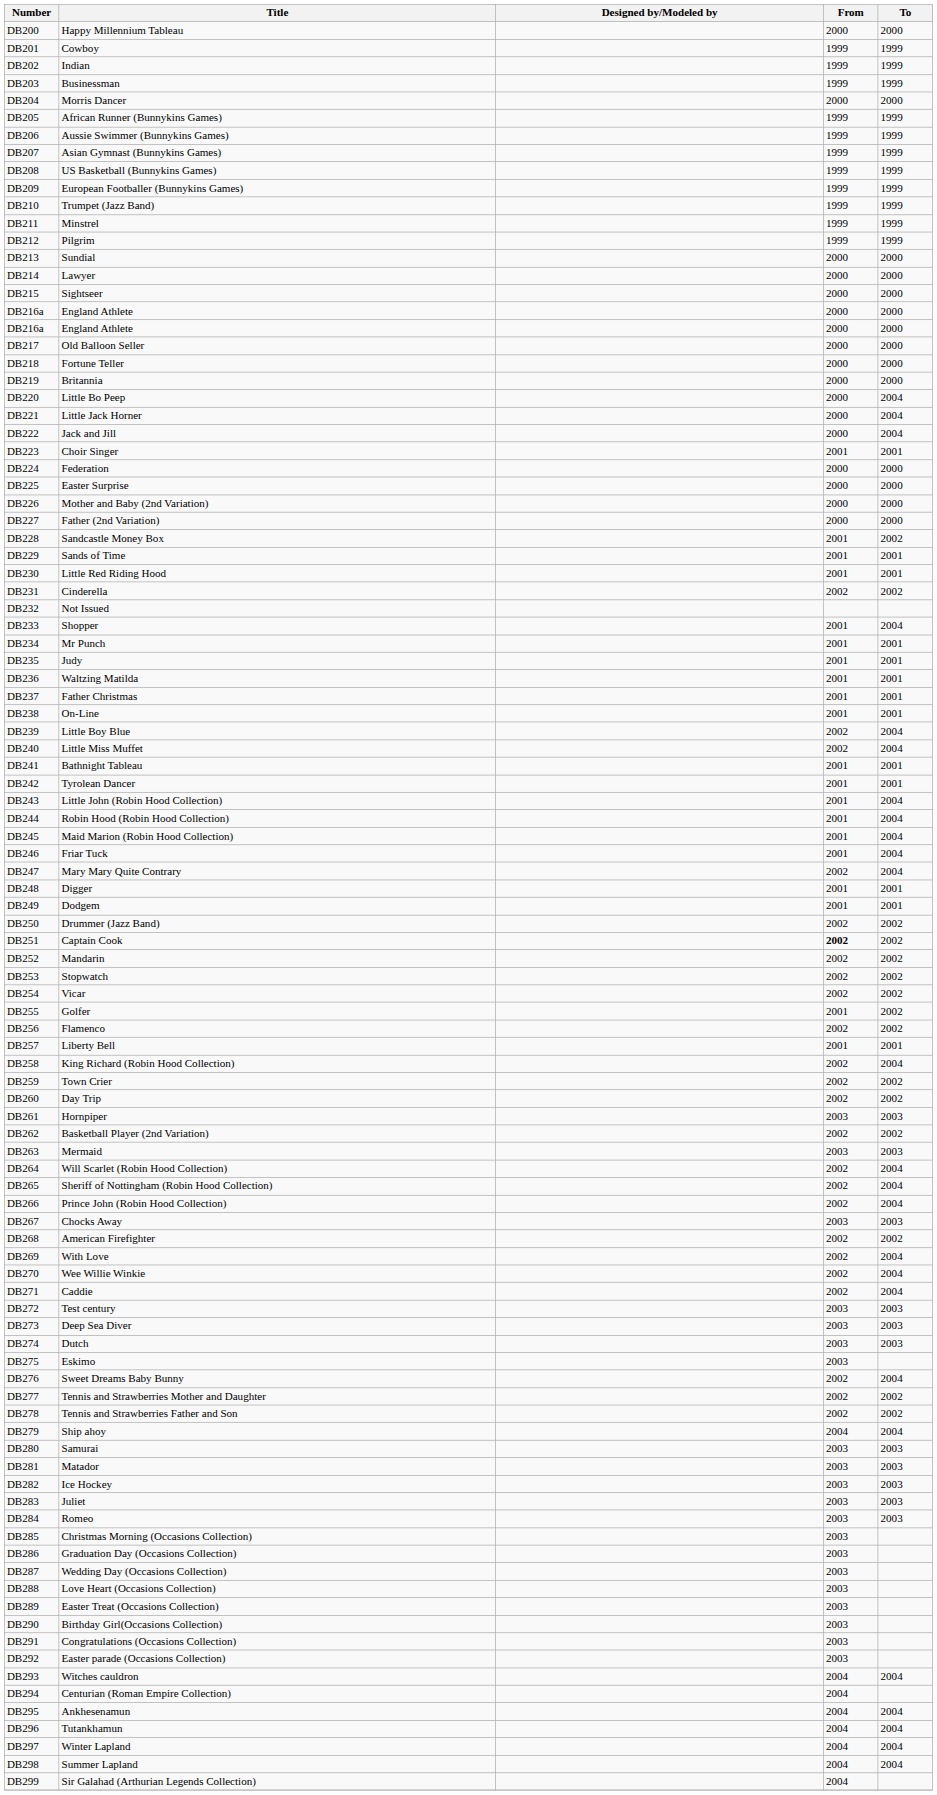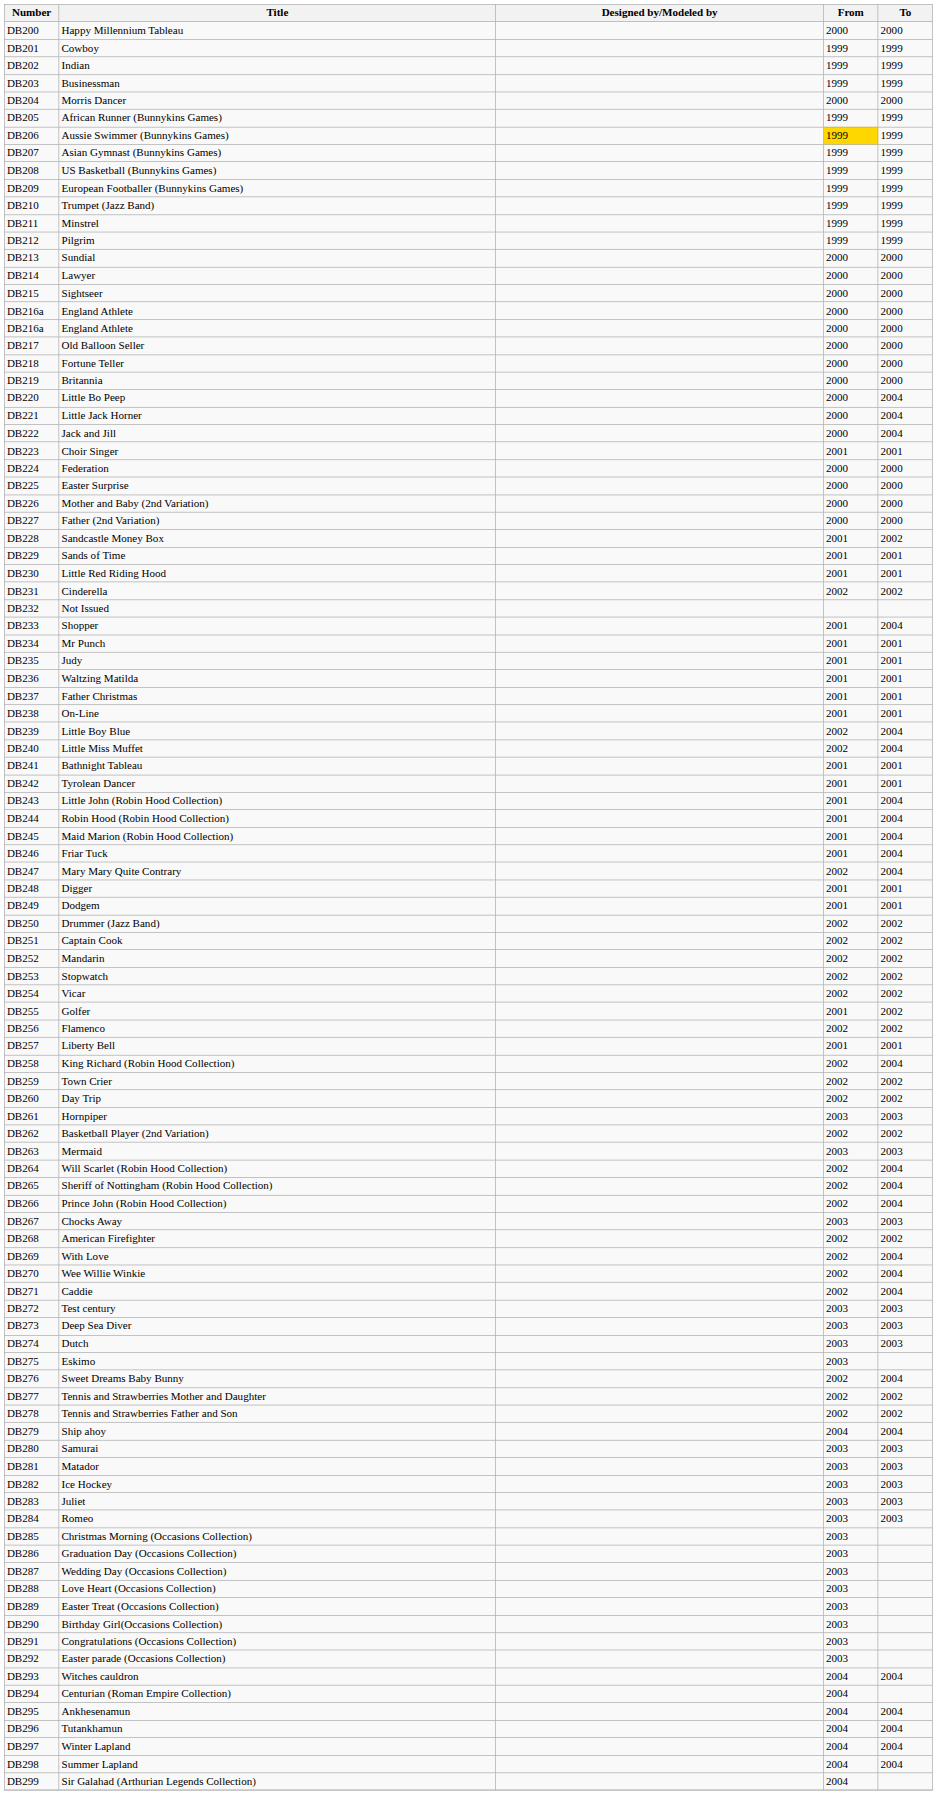 <table class="wikitable" width="85%">
 <tr>
 <th width=5%>Number</th>
 <th width=40%>Title</th>
 <th width=30%>Designed by/Modeled by</th>
 <th width=5%>From</th>
 <th width=5%>To</th>
 </tr>
 <tr>
 <td>DB200</td>
 <td>Happy Millennium Tableau</td>
 <td></td>
 <td>2000</td>
 <td>2000</td>
 </tr>
 <tr>
 <td>DB201</td>
 <td>Cowboy</td>
 <td></td>
 <td>1999</td>
 <td>1999</td>
 </tr>
 <tr>
 <td>DB202</td>
 <td>Indian</td>
 <td></td>
 <td>1999</td>
 <td>1999</td>
 </tr>
 <tr>
 <td>DB203</td>
 <td>Businessman</td>
 <td></td>
 <td>1999</td>
 <td>1999</td>
 </tr>
 <tr>
 <td>DB204</td>
 <td>Morris Dancer</td>
 <td></td>
 <td>2000</td>
 <td>2000</td>
 </tr>
 <tr>
 <td>DB205</td>
 <td>African Runner (Bunnykins Games)</td>
 <td></td>
 <td>1999</td>
 <td>1999</td>
 </tr>
 <tr>
 <td>DB206</td>
 <td>Aussie Swimmer (Bunnykins Games)</td>
 <td></td>
-<td>1999</td>
+<td style="background: gold;">1999</td>
 <td>1999</td>
 </tr>
 <tr>
 <td>DB207</td>
 <td>Asian Gymnast (Bunnykins Games)</td>
 <td></td>
 <td>1999</td>
 <td>1999</td>
 </tr>
 <tr>
 <td>DB208</td>
 <td>US Basketball (Bunnykins Games)</td>
 <td></td>
 <td>1999</td>
 <td>1999</td>
 </tr>
 <tr>
 <td>DB209</td>
 <td>European Footballer (Bunnykins Games)</td>
 <td></td>
 <td>1999</td>
 <td>1999</td>
 </tr>
 <tr>
 <td>DB210</td>
 <td>Trumpet (Jazz Band)</td>
 <td></td>
 <td>1999</td>
 <td>1999</td>
 </tr>
 <tr>
 <td>DB211</td>
 <td>Minstrel</td>
 <td></td>
 <td>1999</td>
 <td>1999</td>
 </tr>
 <tr>
 <td>DB212</td>
 <td>Pilgrim</td>
 <td></td>
 <td>1999</td>
 <td>1999</td>
 </tr>
 <tr>
 <td>DB213</td>
 <td>Sundial</td>
 <td></td>
 <td>2000</td>
 <td>2000</td>
 </tr>
 <tr>
 <td>DB214</td>
 <td>Lawyer</td>
 <td></td>
 <td>2000</td>
 <td>2000</td>
 </tr>
 <tr>
 <td>DB215</td>
 <td>Sightseer</td>
 <td></td>
 <td>2000</td>
 <td>2000</td>
 </tr>
 <tr>
 <td>DB216a</td>
 <td>England Athlete</td>
 <td></td>
 <td>2000</td>
 <td>2000</td>
 </tr>
 <tr>
 <td>DB216a</td>
 <td>England Athlete</td>
 <td></td>
 <td>2000</td>
 <td>2000</td>
 </tr>
 <tr>
 <td>DB217</td>
 <td>Old Balloon Seller</td>
 <td></td>
 <td>2000</td>
 <td>2000</td>
 </tr>
 <tr>
 <td>DB218</td>
 <td>Fortune Teller</td>
 <td></td>
 <td>2000</td>
 <td>2000</td>
 </tr>
 <tr>
 <td>DB219</td>
 <td>Britannia</td>
 <td></td>
 <td>2000</td>
 <td>2000</td>
 </tr>
 <tr>
 <td>DB220</td>
 <td>Little Bo Peep</td>
 <td></td>
 <td>2000</td>
 <td>2004</td>
 </tr>
 <tr>
 <td>DB221</td>
 <td>Little Jack Horner</td>
 <td></td>
 <td>2000</td>
 <td>2004</td>
 </tr>
 <tr>
 <td>DB222</td>
 <td>Jack and Jill</td>
 <td></td>
 <td>2000</td>
 <td>2004</td>
 </tr>
 <tr>
 <td>DB223</td>
 <td>Choir Singer</td>
 <td></td>
 <td>2001</td>
 <td>2001</td>
 </tr>
 <tr>
 <td>DB224</td>
 <td>Federation</td>
 <td></td>
 <td>2000</td>
 <td>2000</td>
 </tr>
 <tr>
 <td>DB225</td>
 <td>Easter Surprise</td>
 <td></td>
 <td>2000</td>
 <td>2000</td>
 </tr>
 <tr>
 <td>DB226</td>
 <td>Mother and Baby (2nd Variation)</td>
 <td></td>
 <td>2000</td>
 <td>2000</td>
 </tr>
 <tr>
 <td>DB227</td>
 <td>Father (2nd Variation)</td>
 <td></td>
 <td>2000</td>
 <td>2000</td>
 </tr>
 <tr>
 <td>DB228</td>
 <td>Sandcastle Money Box</td>
 <td></td>
 <td>2001</td>
 <td>2002</td>
 </tr>
 <tr>
 <td>DB229</td>
 <td>Sands of Time</td>
 <td></td>
 <td>2001</td>
 <td>2001</td>
 </tr>
 <tr>
 <td>DB230</td>
 <td>Little Red Riding Hood</td>
 <td></td>
 <td>2001</td>
 <td>2001</td>
 </tr>
 <tr>
 <td>DB231</td>
 <td>Cinderella</td>
 <td></td>
 <td>2002</td>
 <td>2002</td>
 </tr>
 <tr>
 <td>DB232</td>
 <td>Not Issued</td>
 <td></td>
 <td></td>
 <td></td>
 </tr>
 <tr>
 <td>DB233</td>
 <td>Shopper</td>
 <td></td>
 <td>2001</td>
 <td>2004</td>
 </tr>
 <tr>
 <td>DB234</td>
 <td>Mr Punch</td>
 <td></td>
 <td>2001</td>
 <td>2001</td>
 </tr>
 <tr>
 <td>DB235</td>
 <td>Judy</td>
 <td></td>
 <td>2001</td>
 <td>2001</td>
 </tr>
 <tr>
 <td>DB236</td>
 <td>Waltzing Matilda</td>
 <td></td>
 <td>2001</td>
 <td>2001</td>
 </tr>
 <tr>
 <td>DB237</td>
 <td>Father Christmas</td>
 <td></td>
 <td>2001</td>
 <td>2001</td>
 </tr>
 <tr>
 <td>DB238</td>
 <td>On-Line</td>
 <td></td>
 <td>2001</td>
 <td>2001</td>
 </tr>
 <tr>
 <td>DB239</td>
 <td>Little Boy Blue</td>
 <td></td>
 <td>2002</td>
 <td>2004</td>
 </tr>
 <tr>
 <td>DB240</td>
 <td>Little Miss Muffet</td>
 <td></td>
 <td>2002</td>
 <td>2004</td>
 </tr>
 <tr>
 <td>DB241</td>
 <td>Bathnight Tableau</td>
 <td></td>
 <td>2001</td>
 <td>2001</td>
 </tr>
 <tr>
 <td>DB242</td>
 <td>Tyrolean Dancer</td>
 <td></td>
 <td>2001</td>
 <td>2001</td>
 </tr>
 <tr>
 <td>DB243</td>
 <td>Little John (Robin Hood Collection)</td>
 <td></td>
 <td>2001</td>
 <td>2004</td>
 </tr>
 <tr>
 <td>DB244</td>
 <td>Robin Hood (Robin Hood Collection)</td>
 <td></td>
 <td>2001</td>
 <td>2004</td>
 </tr>
 <tr>
 <td>DB245</td>
 <td>Maid Marion (Robin Hood Collection)</td>
 <td></td>
 <td>2001</td>
 <td>2004</td>
 </tr>
 <tr>
 <td>DB246</td>
 <td>Friar Tuck</td>
 <td></td>
 <td>2001</td>
 <td>2004</td>
 </tr>
 <tr>
 <td>DB247</td>
 <td>Mary Mary Quite Contrary</td>
 <td></td>
 <td>2002</td>
 <td>2004</td>
 </tr>
 <tr>
 <td>DB248</td>
 <td>Digger</td>
 <td></td>
 <td>2001</td>
 <td>2001</td>
 </tr>
 <tr>
 <td>DB249</td>
 <td>Dodgem</td>
 <td></td>
 <td>2001</td>
 <td>2001</td>
 </tr>
 <tr>
 <td>DB250</td>
 <td>Drummer (Jazz Band)</td>
 <td></td>
 <td>2002</td>
 <td>2002</td>
 </tr>
 <tr>
 <td>DB251</td>
 <td>Captain Cook</td>
 <td></td>
-<td><strong>2002</strong></td>
+<td>2002</td>
 <td>2002</td>
 </tr>
 <tr>
 <td>DB252</td>
 <td>Mandarin</td>
 <td></td>
 <td>2002</td>
 <td>2002</td>
 </tr>
 <tr>
 <td>DB253</td>
 <td>Stopwatch</td>
 <td></td>
 <td>2002</td>
 <td>2002</td>
 </tr>
 <tr>
 <td>DB254</td>
 <td>Vicar</td>
 <td></td>
 <td>2002</td>
 <td>2002</td>
 </tr>
 <tr>
 <td>DB255</td>
 <td>Golfer</td>
 <td></td>
 <td>2001</td>
 <td>2002</td>
 </tr>
 <tr>
 <td>DB256</td>
 <td>Flamenco</td>
 <td></td>
 <td>2002</td>
 <td>2002</td>
 </tr>
 <tr>
 <td>DB257</td>
 <td>Liberty Bell</td>
 <td></td>
 <td>2001</td>
 <td>2001</td>
 </tr>
 <tr>
 <td>DB258</td>
 <td>King Richard (Robin Hood Collection)</td>
 <td></td>
 <td>2002</td>
 <td>2004</td>
 </tr>
 <tr>
 <td>DB259</td>
 <td>Town Crier</td>
 <td></td>
 <td>2002</td>
 <td>2002</td>
 </tr>
 <tr>
 <td>DB260</td>
 <td>Day Trip</td>
 <td></td>
 <td>2002</td>
 <td>2002</td>
 </tr>
 <tr>
 <td>DB261</td>
 <td>Hornpiper</td>
 <td></td>
 <td>2003</td>
 <td>2003</td>
 </tr>
 <tr>
 <td>DB262</td>
 <td>Basketball Player (2nd Variation)</td>
 <td></td>
 <td>2002</td>
 <td>2002</td>
 </tr>
 <tr>
 <td>DB263</td>
 <td>Mermaid</td>
 <td></td>
 <td>2003</td>
 <td>2003</td>
 </tr>
 <tr>
 <td>DB264</td>
 <td>Will Scarlet (Robin Hood Collection)</td>
 <td></td>
 <td>2002</td>
 <td>2004</td>
 </tr>
 <tr>
 <td>DB265</td>
 <td>Sheriff of Nottingham (Robin Hood Collection)</td>
 <td></td>
 <td>2002</td>
 <td>2004</td>
 </tr>
 <tr>
 <td>DB266</td>
 <td>Prince John (Robin Hood Collection)</td>
 <td></td>
 <td>2002</td>
 <td>2004</td>
 </tr>
 <tr>
 <td>DB267</td>
 <td>Chocks Away</td>
 <td></td>
 <td>2003</td>
 <td>2003</td>
 </tr>
 <tr>
 <td>DB268</td>
 <td>American Firefighter</td>
 <td></td>
 <td>2002</td>
 <td>2002</td>
 </tr>
 <tr>
 <td>DB269</td>
 <td>With Love</td>
 <td></td>
 <td>2002</td>
 <td>2004</td>
 </tr>
 <tr>
 <td>DB270</td>
 <td>Wee Willie Winkie</td>
 <td></td>
 <td>2002</td>
 <td>2004</td>
 </tr>
 <tr>
 <td>DB271</td>
 <td>Caddie</td>
 <td></td>
 <td>2002</td>
 <td>2004</td>
 </tr>
 <tr>
 <td>DB272</td>
 <td>Test century</td>
 <td></td>
 <td>2003</td>
 <td>2003</td>
 </tr>
 <tr>
 <td>DB273</td>
 <td>Deep Sea Diver</td>
 <td></td>
 <td>2003</td>
 <td>2003</td>
 </tr>
 <tr>
 <td>DB274</td>
 <td>Dutch</td>
 <td></td>
 <td>2003</td>
 <td>2003</td>
 </tr>
 <tr>
 <td>DB275</td>
 <td>Eskimo</td>
 <td></td>
 <td>2003</td>
 </tr>
 <tr>
 <td>DB276</td>
 <td>Sweet Dreams Baby Bunny</td>
 <td></td>
 <td>2002</td>
 <td>2004</td>
 </tr>
 <tr>
 <td>DB277</td>
 <td>Tennis and Strawberries Mother and Daughter</td>
 <td></td>
 <td>2002</td>
 <td>2002</td>
 </tr>
 <tr>
 <td>DB278</td>
 <td>Tennis and Strawberries Father and Son</td>
 <td></td>
 <td>2002</td>
 <td>2002</td>
 </tr>
 <tr>
 <td>DB279</td>
 <td>Ship ahoy</td>
 <td></td>
 <td>2004</td>
 <td>2004</td>
 </tr>
 <tr>
 <td>DB280</td>
 <td>Samurai</td>
 <td></td>
 <td>2003</td>
 <td>2003</td>
 </tr>
 <tr>
 <td>DB281</td>
 <td>Matador</td>
 <td></td>
 <td>2003</td>
 <td>2003</td>
 </tr>
 <tr>
 <td>DB282</td>
 <td>Ice Hockey</td>
 <td></td>
 <td>2003</td>
 <td>2003</td>
 </tr>
 <tr>
 <td>DB283</td>
 <td>Juliet</td>
 <td></td>
 <td>2003</td>
 <td>2003</td>
 </tr>
 <tr>
 <td>DB284</td>
 <td>Romeo</td>
 <td></td>
 <td>2003</td>
 <td>2003</td>
 </tr>
 <tr>
 <td>DB285</td>
 <td>Christmas Morning (Occasions Collection)</td>
 <td></td>
 <td>2003</td>
 <td></td>
 </tr>
 <tr>
 <td>DB286</td>
 <td>Graduation Day (Occasions Collection)</td>
 <td></td>
 <td>2003</td>
 <td></td>
 </tr>
 <tr>
 <td>DB287</td>
 <td>Wedding Day (Occasions Collection)</td>
 <td></td>
 <td>2003</td>
 <td></td>
 </tr>
 <tr>
 <td>DB288</td>
 <td>Love Heart (Occasions Collection)</td>
 <td></td>
 <td>2003</td>
 <td></td>
 </tr>
 <tr>
 <td>DB289</td>
 <td>Easter Treat (Occasions Collection)</td>
 <td></td>
 <td>2003</td>
 <td></td>
 </tr>
 <tr>
 <td>DB290</td>
 <td>Birthday Girl(Occasions Collection)</td>
 <td></td>
 <td>2003</td>
 <td></td>
 </tr>
 <tr>
 <td>DB291</td>
 <td>Congratulations (Occasions Collection)</td>
 <td></td>
 <td>2003</td>
 <td></td>
 </tr>
 <tr>
 <td>DB292</td>
 <td>Easter parade (Occasions Collection)</td>
 <td></td>
 <td>2003</td>
 <td></td>
 </tr>
 <tr>
 <td>DB293</td>
 <td>Witches cauldron</td>
 <td></td>
 <td>2004</td>
 <td>2004</td>
 </tr>
 <tr>
 <td>DB294</td>
 <td>Centurian (Roman Empire Collection)</td>
 <td></td>
 <td>2004</td>
 <td></td>
 </tr>
 <tr>
 <td>DB295</td>
 <td>Ankhesenamun</td>
 <td></td>
 <td>2004</td>
 <td>2004</td>
 </tr>
 <tr>
 <td>DB296</td>
 <td>Tutankhamun</td>
 <td></td>
 <td>2004</td>
 <td>2004</td>
 </tr>
 <tr>
 <td>DB297</td>
 <td>Winter Lapland</td>
 <td></td>
 <td>2004</td>
 <td>2004</td>
 </tr>
 <tr>
 <td>DB298</td>
 <td>Summer Lapland</td>
 <td></td>
 <td>2004</td>
 <td>2004</td>
 </tr>
 <tr>
 <td>DB299</td>
 <td>Sir Galahad (Arthurian Legends Collection)</td>
 <td></td>
 <td>2004</td>
 <td></td>
 </tr>
 <tr>
 </tr>
 </table>
